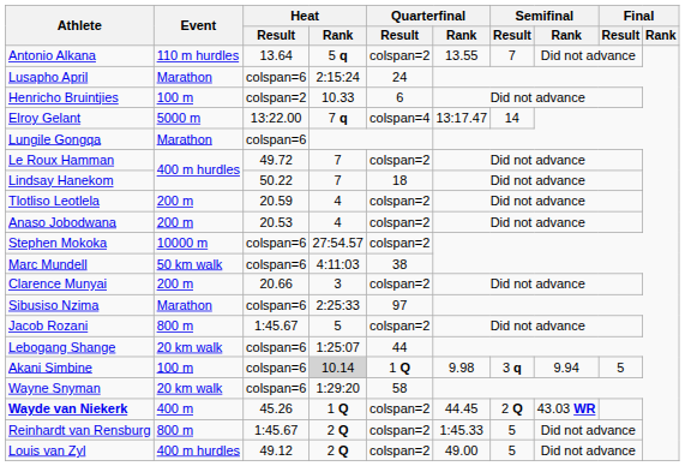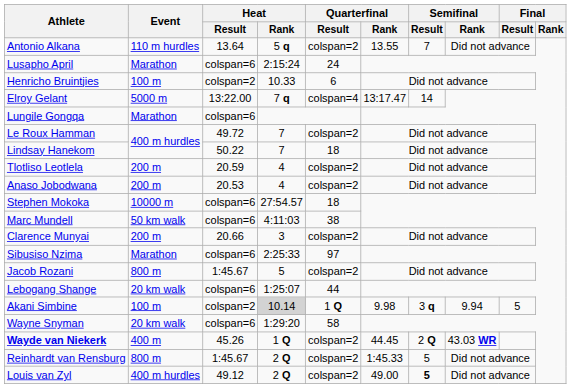 <table class="wikitable" style="font-size:90%">
 <tr>
 <th rowspan="2">Athlete</th>
 <th rowspan="2">Event</th>
 <th colspan="2">Heat</th>
 <th colspan="2">Quarterfinal</th>
 <th colspan="2">Semifinal</th>
 <th colspan="2">Final</th>
 </tr>
 <tr style="font-size:95%">
 <th>Result</th>
 <th>Rank</th>
 <th>Result</th>
 <th>Rank</th>
 <th>Result</th>
 <th>Rank</th>
 <th>Result</th>
 <th>Rank</th>
 </tr>
 <tr align=center>
 <td align=left><a href='#'>Antonio Alkana</a></td>
 <td align=left><a href='#'>110 m hurdles</a></td>
 <td>13.64</td>
 <td>5 <strong>q</strong></td>
 <td>colspan=2 </td>
 <td>13.55</td>
 <td>7</td>
 <td colspan=2>Did not advance</td>
 </tr>
 <tr align=center>
 <td align=left><a href='#'>Lusapho April</a></td>
 <td align=left><a href='#'>Marathon</a></td>
 <td>colspan=6 </td>
 <td>2:15:24</td>
 <td>24</td>
 </tr>
 <tr align=center>
 <td align=left><a href='#'>Henricho Bruintjies</a></td>
 <td align=left><a href='#'>100 m</a></td>
 <td>colspan=2 </td>
 <td>10.33</td>
 <td>6</td>
 <td colspan=4>Did not advance</td>
 </tr>
 <tr align=center>
 <td align=left><a href='#'>Elroy Gelant</a></td>
 <td align=left><a href='#'>5000 m</a></td>
 <td>13:22.00</td>
 <td>7 <strong>q</strong></td>
 <td>colspan=4 </td>
 <td>13:17.47</td>
 <td>14</td>
 </tr>
 <tr align=center>
 <td align=left><a href='#'>Lungile Gongqa</a></td>
 <td align=left><a href='#'>Marathon</a></td>
 <td>colspan=6 </td>
 <td colspan=2></td>
 </tr>
 <tr align=center>
 <td align=left><a href='#'>Le Roux Hamman</a></td>
 <td style="text-align:left;" rowspan="2"><a href='#'>400 m hurdles</a></td>
 <td>49.72</td>
 <td>7</td>
 <td>colspan=2 </td>
 <td colspan=4>Did not advance</td>
 </tr>
 <tr align=center>
 <td align=left><a href='#'>Lindsay Hanekom</a></td>
 <td>50.22</td>
 <td>7</td>
 <td>18</td>
 <td colspan=4>Did not advance</td>
 </tr>
 <tr align=center>
 <td align=left><a href='#'>Tlotliso Leotlela</a></td>
 <td align=left><a href='#'>200 m</a></td>
 <td>20.59</td>
 <td>4</td>
 <td>colspan=2 </td>
 <td colspan=4>Did not advance</td>
 </tr>
 <tr align=center>
 <td align=left><a href='#'>Anaso Jobodwana</a></td>
 <td align=left><a href='#'>200 m</a></td>
 <td>20.53</td>
 <td>4</td>
 <td>colspan=2 </td>
 <td colspan=4>Did not advance</td>
 </tr>
 <tr align=center>
 <td align=left><a href='#'>Stephen Mokoka</a></td>
 <td align=left><a href='#'>10000 m</a></td>
 <td>colspan=6 </td>
 <td>27:54.57</td>
-<td>colspan=2 </td>
+<td>18</td>
 </tr>
 <tr align=center>
 <td align=left><a href='#'>Marc Mundell</a></td>
 <td align=left><a href='#'>50 km walk</a></td>
 <td>colspan=6 </td>
 <td>4:11:03</td>
 <td>38</td>
 </tr>
 <tr align=center>
 <td align=left><a href='#'>Clarence Munyai</a></td>
 <td align=left><a href='#'>200 m</a></td>
 <td>20.66</td>
 <td>3</td>
 <td>colspan=2 </td>
 <td colspan=4>Did not advance</td>
 </tr>
 <tr align=center>
 <td align=left><a href='#'>Sibusiso Nzima</a></td>
 <td align=left><a href='#'>Marathon</a></td>
 <td>colspan=6 </td>
 <td>2:25:33</td>
 <td>97</td>
 </tr>
 <tr align=center>
 <td align=left><a href='#'>Jacob Rozani</a></td>
 <td align=left><a href='#'>800 m</a></td>
 <td>1:45.67</td>
 <td>5</td>
 <td>colspan=2 </td>
 <td colspan=4>Did not advance</td>
 </tr>
 <tr align=center>
 <td align=left><a href='#'>Lebogang Shange</a></td>
 <td align=left><a href='#'>20 km walk</a></td>
 <td>colspan=6 </td>
 <td>1:25:07</td>
 <td>44</td>
 </tr>
 <tr align=center>
 <td align=left><a href='#'>Akani Simbine</a></td>
 <td align=left><a href='#'>100 m</a></td>
-<td>colspan=6 </td>
+<td>colspan=2 </td>
 <td style="background: lightgrey;">10.14</td>
 <td>1 <strong>Q</strong></td>
 <td>9.98</td>
 <td>3 <strong>q</strong></td>
 <td>9.94</td>
 <td>5</td>
 </tr>
 <tr align=center>
 <td align=left><a href='#'>Wayne Snyman</a></td>
 <td align=left><a href='#'>20 km walk</a></td>
 <td>colspan=6 </td>
 <td>1:29:20</td>
 <td>58</td>
 </tr>
 <tr align=center>
 <td align=left><strong><a href='#'>Wayde van Niekerk</a></strong></td>
 <td align=left><a href='#'>400 m</a></td>
 <td>45.26</td>
 <td>1 <strong>Q</strong></td>
 <td>colspan=2 </td>
 <td>44.45</td>
 <td>2 <strong>Q</strong></td>
 <td>43.03 <strong><a href='#'>WR</a></strong></td>
 <td></td>
 </tr>
 <tr align=center>
 <td align=left><a href='#'>Reinhardt van Rensburg</a></td>
 <td align=left><a href='#'>800 m</a></td>
 <td>1:45.67</td>
 <td>2 <strong>Q</strong></td>
 <td>colspan=2 </td>
 <td>1:45.33</td>
 <td>5</td>
 <td colspan=2>Did not advance</td>
 </tr>
 <tr align=center>
 <td align=left><a href='#'>Louis van Zyl</a></td>
 <td align=left><a href='#'>400 m hurdles</a></td>
 <td>49.12</td>
 <td>2 <strong>Q</strong></td>
 <td>colspan=2 </td>
 <td>49.00</td>
-<td>5</td>
+<td><strong>5</strong></td>
 <td colspan=2>Did not advance</td>
 </tr>
 </table>
